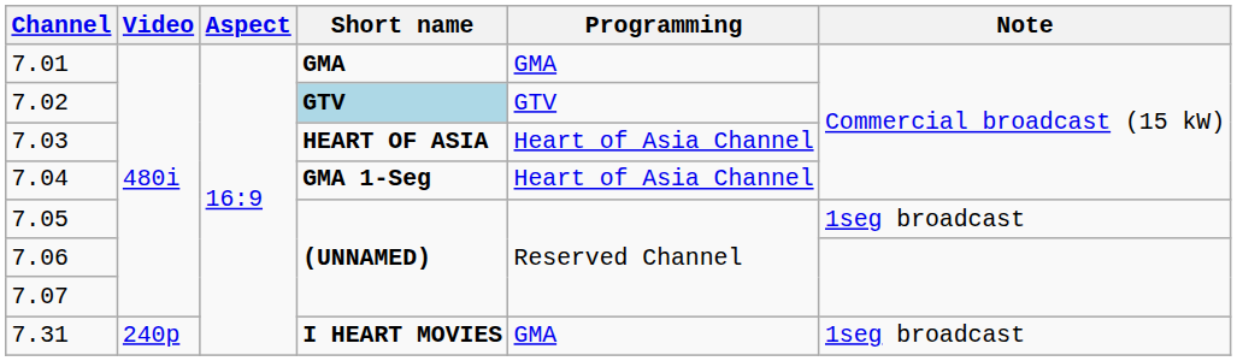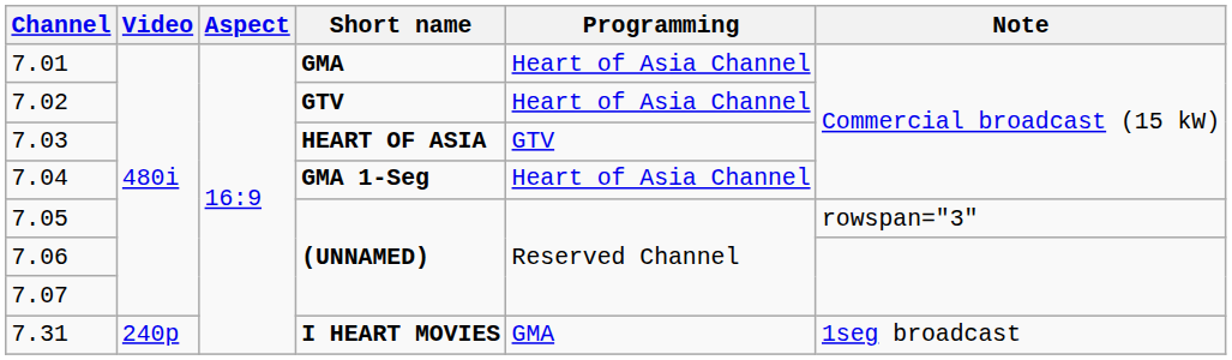 <table class="wikitable">
 <tr>
 <th><a href='#'>Channel</a></th>
 <th><a href='#'>Video</a></th>
 <th><a href='#'>Aspect</a></th>
 <th>Short name</th>
 <th>Programming</th>
 <th>Note</th>
 </tr>
 <tr>
 <td>7.01</td>
 <td rowspan="7"><a href='#'>480i</a></td>
 <td rowspan="8"><a href='#'>16:9</a></td>
 <td><strong>GMA</strong></td>
-<td><a href='#'>GMA</a> </td>
+<td><a href='#'>Heart of Asia Channel</a></td>
 <td rowspan="4"><a href='#'>Commercial broadcast</a> (15 kW)</td>
 </tr>
 <tr>
 <td>7.02</td>
-<td style="background: lightblue;"><strong>GTV</strong></td>
-<td><a href='#'>GTV</a> </td>
+<td><strong>GTV</strong></td>
+<td><a href='#'>Heart of Asia Channel</a></td>
 </tr>
 <tr>
 <td>7.03</td>
 <td><strong>HEART OF ASIA</strong></td>
-<td><a href='#'>Heart of Asia Channel</a></td>
+<td><a href='#'>GTV</a> </td>
 </tr>
 <tr>
 <td>7.04</td>
 <td><strong>GMA 1-Seg</strong></td>
 <td><a href='#'>Heart of Asia Channel</a></td>
 </tr>
 <tr>
 <td>7.05</td>
 <td rowspan="3"><strong>(UNNAMED)</strong></td>
 <td rowspan="3">Reserved Channel</td>
-<td><a href='#'>1seg</a> broadcast</td>
+<td>rowspan="3" </td>
 </tr>
 <tr>
 <td>7.06</td>
 </tr>
 <tr>
 <td>7.07</td>
 </tr>
 <tr>
 <td>7.31</td>
 <td><a href='#'>240p</a></td>
 <td><strong>I HEART MOVIES</strong></td>
 <td><a href='#'>GMA</a></td>
 <td><a href='#'>1seg</a> broadcast</td>
 </tr>
 </table>
